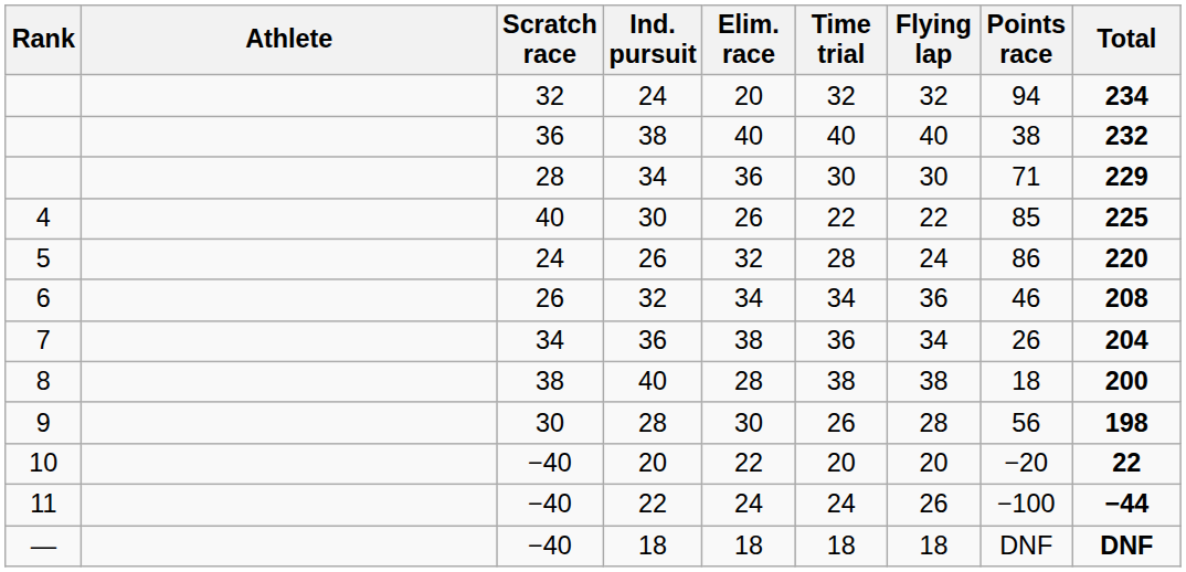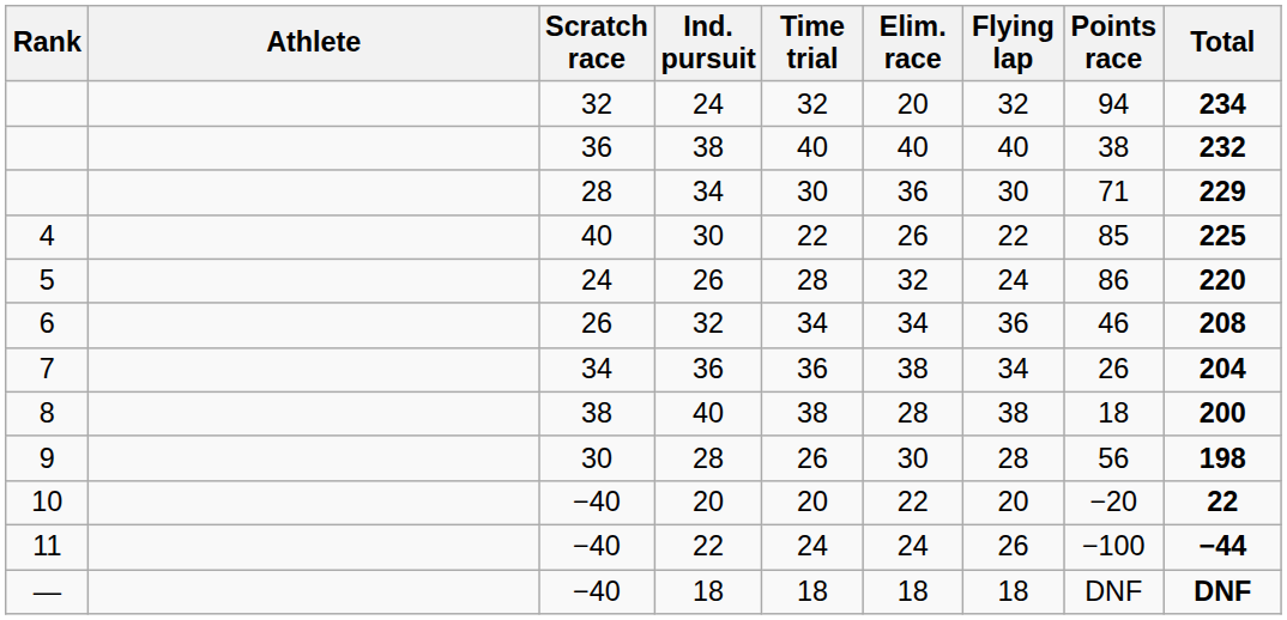 <table class=wikitable style="text-align:center">
 <tr>
 <th width=40>Rank</th>
 <th width=250>Athlete</th>
 <th width=50>Scratch<br>race</th>
 <th width=50>Ind.<br>pursuit</th>
+<th width=50>Time<br>trial</th>
 <th width=50>Elim.<br>race</th>
-<th width=50>Time<br>trial</th>
 <th width=50>Flying<br>lap</th>
 <th width=50>Points<br>race</th>
 <th width=60>Total</th>
 </tr>
 <tr>
 <td></td>
 <td align=left></td>
 <td>32</td>
 <td>24</td>
+<td>32</td>
 <td>20</td>
-<td>32</td>
 <td>32</td>
 <td>94</td>
 <td><strong>234</strong></td>
 </tr>
 <tr>
 <td></td>
 <td align=left></td>
 <td>36</td>
 <td>38</td>
 <td>40</td>
 <td>40</td>
 <td>40</td>
 <td>38</td>
 <td><strong>232</strong></td>
 </tr>
 <tr>
 <td></td>
 <td align=left></td>
 <td>28</td>
 <td>34</td>
+<td>30</td>
 <td>36</td>
-<td>30</td>
 <td>30</td>
 <td>71</td>
 <td><strong>229</strong></td>
 </tr>
 <tr>
 <td>4</td>
 <td align=left></td>
 <td>40</td>
 <td>30</td>
+<td>22</td>
 <td>26</td>
-<td>22</td>
 <td>22</td>
 <td>85</td>
 <td><strong>225</strong></td>
 </tr>
 <tr>
 <td>5</td>
 <td align=left></td>
 <td>24</td>
 <td>26</td>
+<td>28</td>
 <td>32</td>
-<td>28</td>
 <td>24</td>
 <td>86</td>
 <td><strong>220</strong></td>
 </tr>
 <tr>
 <td>6</td>
 <td align=left></td>
 <td>26</td>
 <td>32</td>
 <td>34</td>
 <td>34</td>
 <td>36</td>
 <td>46</td>
 <td><strong>208</strong></td>
 </tr>
 <tr>
 <td>7</td>
 <td align=left></td>
 <td>34</td>
 <td>36</td>
+<td>36</td>
 <td>38</td>
-<td>36</td>
 <td>34</td>
 <td>26</td>
 <td><strong>204</strong></td>
 </tr>
 <tr>
 <td>8</td>
 <td align=left></td>
 <td>38</td>
 <td>40</td>
+<td>38</td>
 <td>28</td>
-<td>38</td>
 <td>38</td>
 <td>18</td>
 <td><strong>200</strong></td>
 </tr>
 <tr>
 <td>9</td>
 <td align=left></td>
 <td>30</td>
 <td>28</td>
+<td>26</td>
 <td>30</td>
-<td>26</td>
 <td>28</td>
 <td>56</td>
 <td><strong>198</strong></td>
 </tr>
 <tr>
 <td>10</td>
 <td align=left></td>
 <td>−40</td>
 <td>20</td>
+<td>20</td>
 <td>22</td>
-<td>20</td>
 <td>20</td>
 <td>−20</td>
 <td><strong>22</strong></td>
 </tr>
 <tr>
 <td>11</td>
 <td align=left></td>
 <td>−40</td>
 <td>22</td>
 <td>24</td>
 <td>24</td>
 <td>26</td>
 <td>−100</td>
 <td><strong>−44</strong></td>
 </tr>
 <tr>
 <td>—</td>
 <td align=left></td>
 <td>−40</td>
 <td>18</td>
 <td>18</td>
 <td>18</td>
 <td>18</td>
 <td>DNF</td>
 <td><strong>DNF</strong></td>
 </tr>
 </table>
